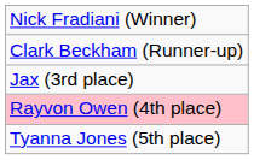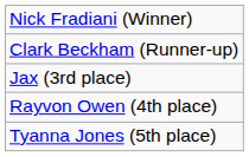 <table class="wikitable">
 <tr>
 <td><a href='#'>Nick Fradiani</a> (Winner)</td>
 </tr>
 <tr>
 <td><a href='#'>Clark Beckham</a> (Runner-up)</td>
 </tr>
 <tr>
 <td><a href='#'>Jax</a> (3rd place)</td>
 </tr>
 <tr>
-<td style="background: pink;"><a href='#'>Rayvon Owen</a> (4th place)</td>
+<td><a href='#'>Rayvon Owen</a> (4th place)</td>
 </tr>
 <tr>
 <td><a href='#'>Tyanna Jones</a> (5th place)</td>
 </tr>
 </table>
